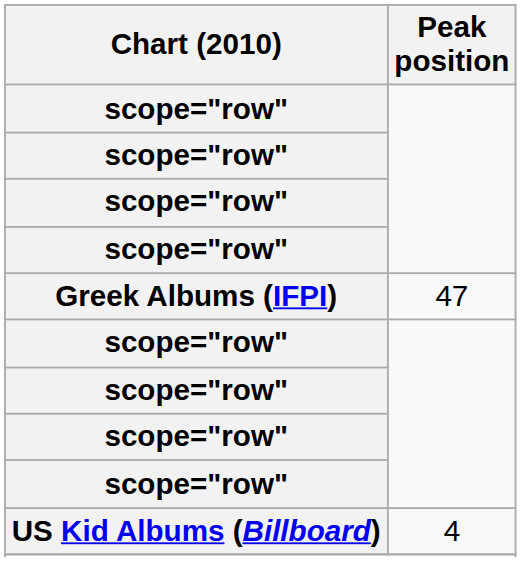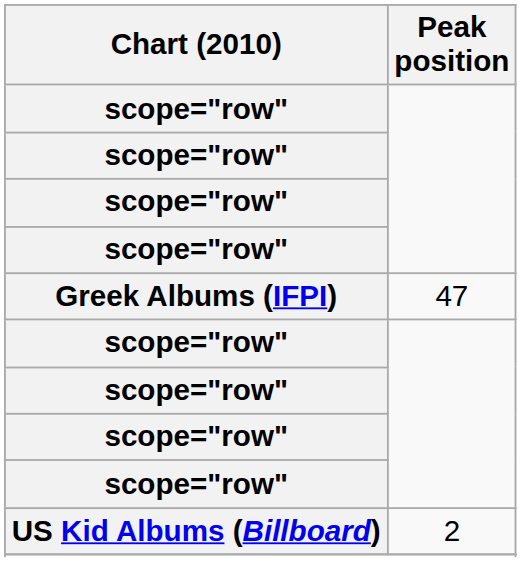 <table class="wikitable sortable plainrowheaders" style="text-align:center">
 <tr>
 <th scope="col">Chart (2010)</th>
 <th scope="col">Peak<br>position</th>
 </tr>
 <tr>
 <th>scope="row" </th>
 </tr>
 <tr>
 <th>scope="row" </th>
 </tr>
 <tr>
 <th>scope="row" </th>
 </tr>
 <tr>
 <th>scope="row" </th>
 </tr>
 <tr>
 <th scope="row">Greek Albums (<a href='#'>IFPI</a>)</th>
 <td>47</td>
 </tr>
 <tr>
 <th>scope="row" </th>
 </tr>
 <tr>
 <th>scope="row" </th>
 </tr>
 <tr>
 <th>scope="row" </th>
 </tr>
 <tr>
 <th>scope="row" </th>
 </tr>
 <tr>
 <th scope="row">US <a href='#'>Kid Albums</a> (<em><a href='#'>Billboard</a></em>)</th>
-<td>4</td>
+<td>2</td>
 </tr>
 <tr>
 </tr>
 <tr>
 </tr>
 </table>
